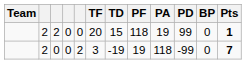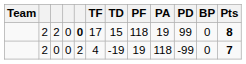 <table class="wikitable" style="text-align: center;">
 <tr>
 <th>Team</th>
 <th></th>
 <th></th>
 <th></th>
 <th></th>
 <th>TF</th>
 <th>TD</th>
 <th>PF</th>
 <th>PA</th>
 <th>PD</th>
 <th>BP</th>
 <th>Pts</th>
 </tr>
 <tr>
 <td align="left"></td>
 <td>2</td>
 <td>2</td>
 <td>0</td>
-<td>0</td>
-<td>20</td>
+<td><strong>0</strong></td>
+<td>17</td>
 <td>15</td>
 <td>118</td>
 <td>19</td>
 <td>99</td>
 <td>0</td>
-<td><strong>1</strong></td>
+<td><strong>8</strong></td>
 </tr>
 <tr>
 <td align="left"></td>
 <td>2</td>
 <td>0</td>
 <td>0</td>
 <td>2</td>
-<td>3</td>
+<td>4</td>
 <td>-19</td>
 <td>19</td>
 <td>118</td>
 <td>-99</td>
 <td>0</td>
 <td><strong>7</strong></td>
 </tr>
 </table>
